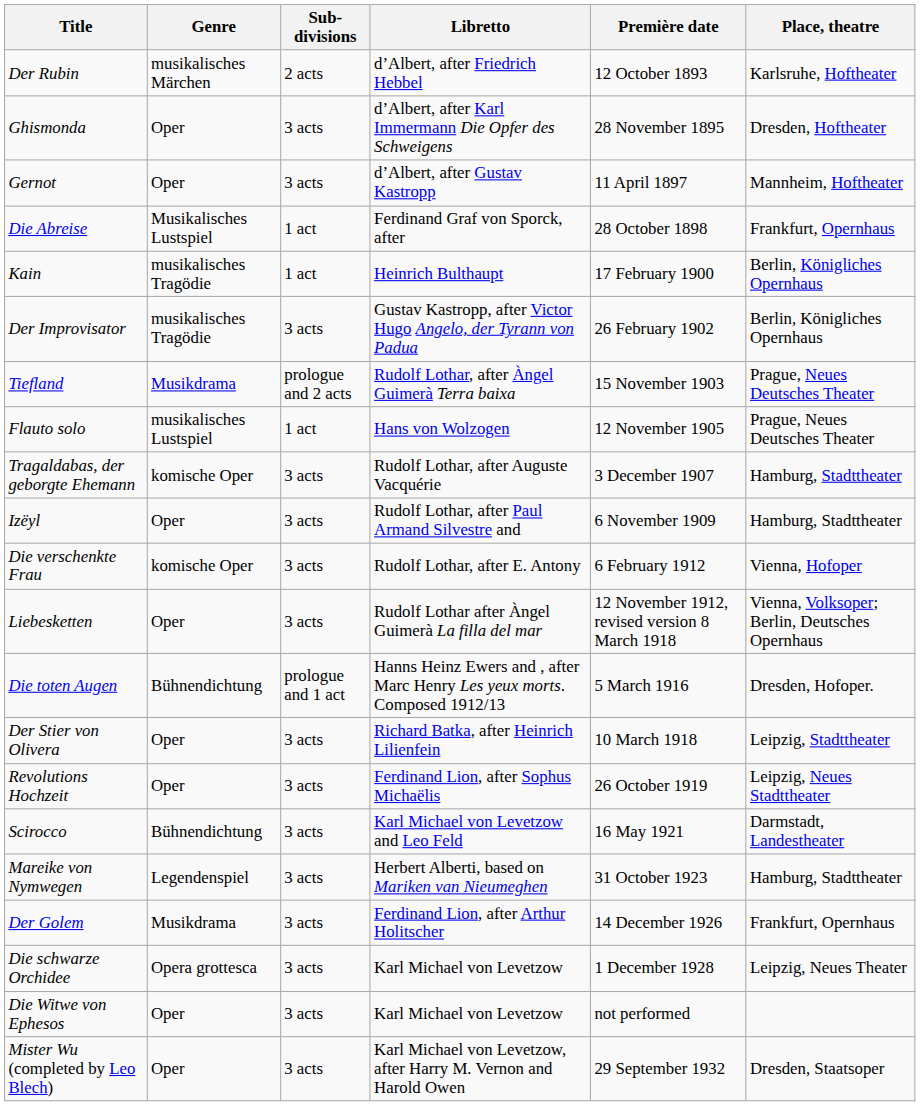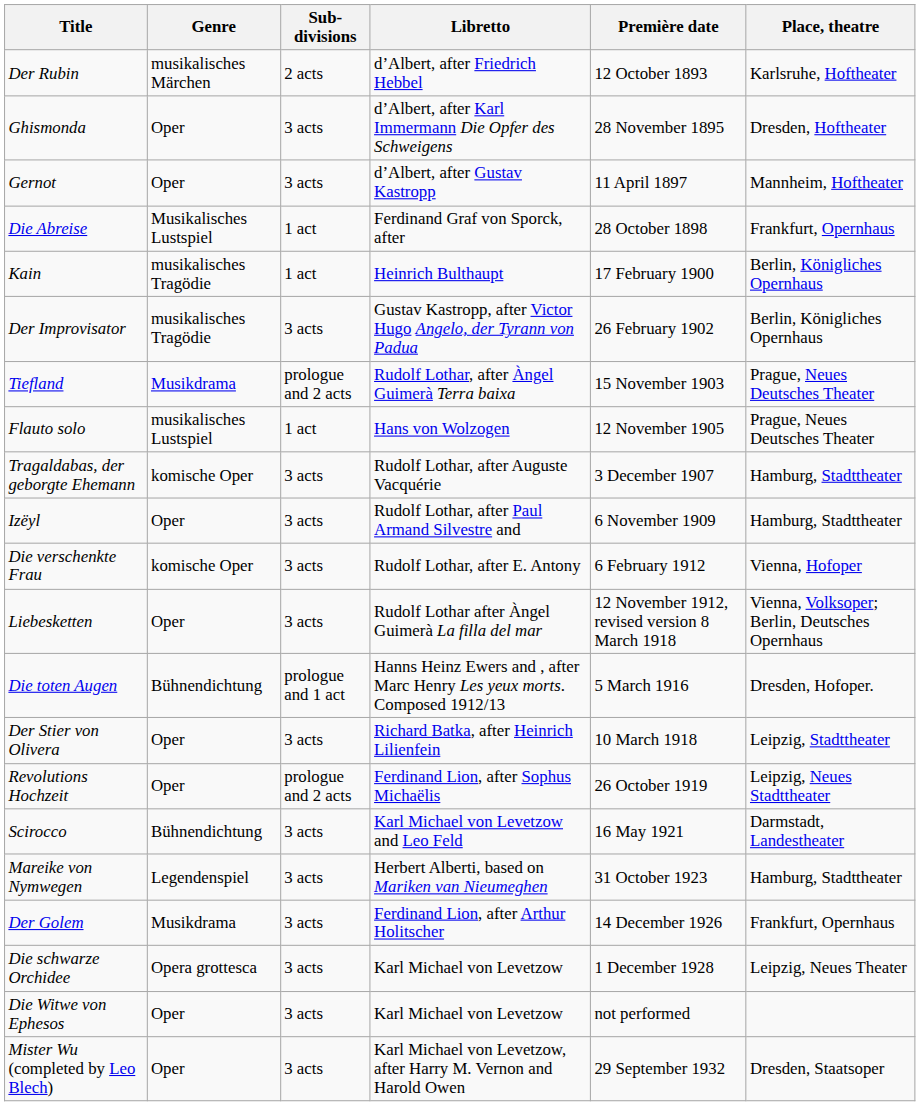 <table class="wikitable sortable">
 <tr>
 <th>Title</th>
 <th>Genre</th>
 <th>Sub­divisions</th>
 <th>Libretto</th>
 <th>Première date</th>
 <th>Place, theatre</th>
 </tr>
 <tr>
 <td><em>Der Rubin</em></td>
 <td>musikalisches Märchen</td>
 <td>2 acts</td>
 <td>d’Albert, after <a href='#'>Friedrich Hebbel</a></td>
 <td>12 October 1893</td>
 <td>Karlsruhe, <a href='#'>Hoftheater</a></td>
 </tr>
 <tr>
 <td><em>Ghismonda</em></td>
 <td>Oper</td>
 <td>3 acts</td>
 <td>d’Albert, after <a href='#'>Karl Immermann</a> <em>Die Opfer des Schweigens</em></td>
 <td>28 November 1895</td>
 <td>Dresden, <a href='#'>Hoftheater</a></td>
 </tr>
 <tr>
 <td><em>Gernot</em></td>
 <td>Oper</td>
 <td>3 acts</td>
 <td>d’Albert, after <a href='#'>Gustav Kastropp</a></td>
 <td>11 April 1897</td>
 <td>Mannheim, <a href='#'>Hoftheater</a></td>
 </tr>
 <tr>
 <td><em><a href='#'>Die Abreise</a></em></td>
 <td>Musikalisches Lustspiel</td>
 <td>1 act</td>
 <td>Ferdinand Graf von Sporck, after </td>
 <td>28 October 1898</td>
 <td>Frankfurt, <a href='#'>Opernhaus</a></td>
 </tr>
 <tr>
 <td><em>Kain</em></td>
 <td>musikalisches Tragödie</td>
 <td>1 act</td>
 <td><a href='#'>Heinrich Bulthaupt</a></td>
 <td>17 February 1900</td>
 <td>Berlin, <a href='#'>Königliches Opernhaus</a></td>
 </tr>
 <tr>
 <td><em>Der Improvisator</em></td>
 <td>musikalisches Tragödie</td>
 <td>3 acts</td>
 <td>Gustav Kastropp, after <a href='#'>Victor Hugo</a> <em><a href='#'>Angelo, der Tyrann von Padua</a></em></td>
 <td>26 February 1902</td>
 <td>Berlin, Königliches Opernhaus</td>
 </tr>
 <tr>
 <td><em><a href='#'>Tiefland</a></em></td>
 <td><a href='#'>Musikdrama</a></td>
 <td>prologue and 2 acts</td>
 <td><a href='#'>Rudolf Lothar</a>, after <a href='#'>Àngel Guimerà</a> <em>Terra baixa</em></td>
 <td>15 November 1903</td>
 <td>Prague, <a href='#'>Neues Deutsches Theater</a></td>
 </tr>
 <tr>
 <td><em>Flauto solo</em></td>
 <td>musikalisches Lustspiel</td>
 <td>1 act</td>
 <td><a href='#'>Hans von Wolzogen</a></td>
 <td>12 November 1905</td>
 <td>Prague, Neues Deutsches Theater</td>
 </tr>
 <tr>
 <td><em>Tragaldabas, der geborgte Ehemann</em></td>
 <td>komische Oper</td>
 <td>3 acts</td>
 <td>Rudolf Lothar, after Auguste Vacquérie</td>
 <td>3 December 1907</td>
 <td>Hamburg, <a href='#'>Stadttheater</a></td>
 </tr>
 <tr>
 <td><em>Izëyl</em></td>
 <td>Oper</td>
 <td>3 acts</td>
 <td>Rudolf Lothar, after <a href='#'>Paul Armand Silvestre</a> and </td>
 <td>6 November 1909</td>
 <td>Hamburg, Stadttheater</td>
 </tr>
 <tr>
 <td><em>Die verschenkte Frau</em></td>
 <td>komische Oper</td>
 <td>3 acts</td>
 <td>Rudolf Lothar, after E. Antony</td>
 <td>6 February 1912</td>
 <td>Vienna, <a href='#'>Hofoper</a></td>
 </tr>
 <tr>
 <td><em>Liebesketten</em><br></td>
 <td>Oper</td>
 <td>3 acts</td>
 <td>Rudolf Lothar after Àngel Guimerà <em>La filla del mar</em></td>
 <td>12 November 1912, revised version 8 March 1918</td>
 <td>Vienna, <a href='#'>Volksoper</a>; Berlin, Deutsches Opernhaus</td>
 </tr>
 <tr>
 <td><em><a href='#'>Die toten Augen</a></em><br></td>
 <td>Bühnendichtung</td>
 <td>prologue and 1 act</td>
 <td>Hanns Heinz Ewers and , after Marc Henry <em>Les yeux morts</em>. Composed 1912/13</td>
 <td>5 March 1916</td>
 <td>Dresden, Hofoper.</td>
 </tr>
 <tr>
 <td><em>Der Stier von Olivera</em></td>
 <td>Oper</td>
 <td>3 acts</td>
 <td><a href='#'>Richard Batka</a>, after <a href='#'>Heinrich Lilienfein</a></td>
 <td>10 March 1918</td>
 <td>Leipzig, <a href='#'>Stadttheater</a></td>
 </tr>
 <tr>
 <td><em>Revolutions Hochzeit</em></td>
 <td>Oper</td>
-<td>3 acts</td>
+<td>prologue and 2 acts</td>
 <td><a href='#'>Ferdinand Lion</a>, after <a href='#'>Sophus Michaëlis</a></td>
 <td>26 October 1919</td>
 <td>Leipzig, <a href='#'>Neues Stadttheater</a></td>
 </tr>
 <tr>
 <td><em>Scirocco</em></td>
 <td>Bühnendichtung</td>
 <td>3 acts</td>
 <td><a href='#'>Karl Michael von Levetzow</a> and <a href='#'>Leo Feld</a></td>
 <td>16 May 1921</td>
 <td>Darmstadt, <a href='#'>Landestheater</a></td>
 </tr>
 <tr>
 <td><em>Mareike von Nymwegen</em></td>
 <td>Legendenspiel</td>
 <td>3 acts</td>
 <td>Herbert Alberti, based on <em><a href='#'>Mariken van Nieumeghen</a></em></td>
 <td>31 October 1923</td>
 <td>Hamburg, Stadttheater</td>
 </tr>
 <tr>
 <td><em><a href='#'>Der Golem</a></em></td>
 <td>Musikdrama</td>
 <td>3 acts</td>
 <td><a href='#'>Ferdinand Lion</a>, after <a href='#'>Arthur Holitscher</a></td>
 <td>14 December 1926</td>
 <td>Frankfurt, Opernhaus</td>
 </tr>
 <tr>
 <td><em>Die schwarze Orchidee</em></td>
 <td>Opera grottesca</td>
 <td>3 acts</td>
 <td>Karl Michael von Levetzow</td>
 <td>1 December 1928</td>
 <td>Leipzig, Neues Theater</td>
 </tr>
 <tr>
 <td><em>Die Witwe von Ephesos</em></td>
 <td>Oper</td>
 <td>3 acts</td>
 <td>Karl Michael von Levetzow</td>
 <td>not performed</td>
 <td></td>
 </tr>
 <tr>
 <td><em>Mister Wu</em> (completed by <a href='#'>Leo Blech</a>)</td>
 <td>Oper</td>
 <td>3 acts</td>
 <td>Karl Michael von Levetzow, after Harry M. Vernon and Harold Owen</td>
 <td>29 September 1932</td>
 <td>Dresden, Staatsoper</td>
 </tr>
 </table>
